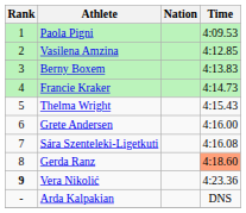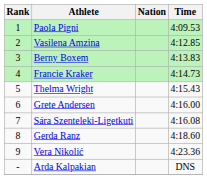 <table class="wikitable sortable" style="text-align:center">
 <tr>
 <th>Rank</th>
 <th>Athlete</th>
 <th>Nation</th>
 <th>Time</th>
 </tr>
 <tr bgcolor=bbf3bb>
 <td>1</td>
 <td align=left><a href='#'>Paola Pigni</a></td>
 <td align=left></td>
 <td>4:09.53</td>
 </tr>
 <tr bgcolor=bbf3bb>
 <td>2</td>
 <td align=left><a href='#'>Vasilena Amzina</a></td>
 <td align=left></td>
 <td>4:12.85</td>
 </tr>
 <tr bgcolor=bbf3bb>
 <td>3</td>
 <td align=left><a href='#'>Berny Boxem</a></td>
 <td align=left></td>
 <td>4:13.83</td>
 </tr>
 <tr bgcolor=bbf3bb>
 <td>4</td>
 <td align=left><a href='#'>Francie Kraker</a></td>
 <td align=left></td>
 <td>4:14.73</td>
 </tr>
 <tr>
 <td>5</td>
 <td align=left><a href='#'>Thelma Wright</a></td>
 <td align=left></td>
 <td>4:15.43</td>
 </tr>
 <tr>
 <td>6</td>
 <td align=left><a href='#'>Grete Andersen</a></td>
 <td align=left></td>
 <td>4:16.00</td>
 </tr>
 <tr>
 <td>7</td>
 <td align=left><a href='#'>Sára Szenteleki-Ligetkuti</a></td>
 <td align=left></td>
 <td>4:16.08</td>
 </tr>
 <tr>
 <td>8</td>
 <td align=left><a href='#'>Gerda Ranz</a></td>
 <td align=left></td>
-<td style="background: lightsalmon;">4:18.60</td>
+<td>4:18.60</td>
 </tr>
 <tr>
-<td><strong>9</strong></td>
+<td>9</td>
 <td align=left><a href='#'>Vera Nikolić</a></td>
 <td align=left></td>
 <td>4:23.36</td>
 </tr>
 <tr>
 <td>-</td>
 <td align=left><a href='#'>Arda Kalpakian</a></td>
 <td align=left></td>
 <td>DNS</td>
 </tr>
 <tr>
 </tr>
 </table>
